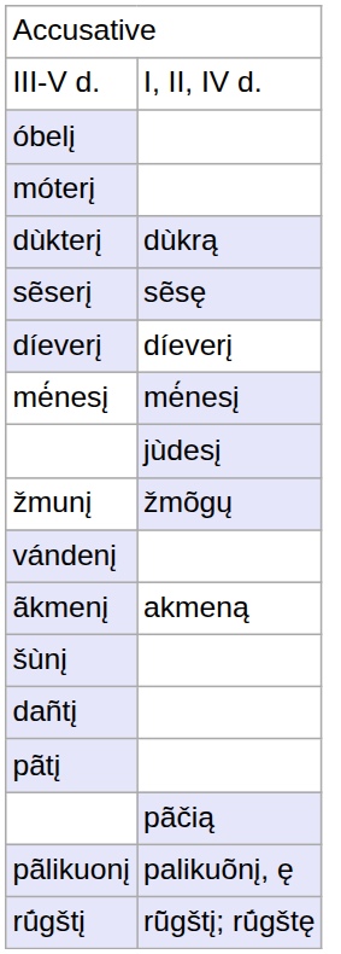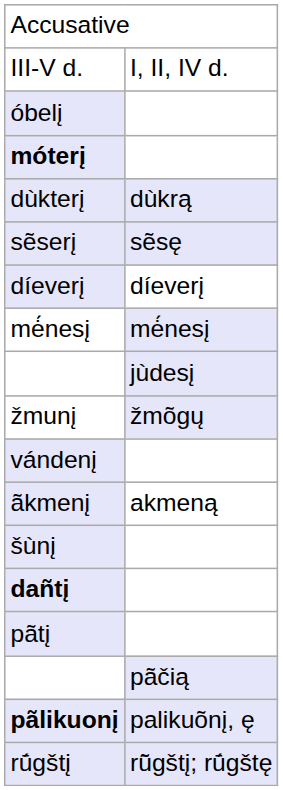 <table class=wikitable style="background: #FFFFFF; line-height: 1.3em;">
 <tr>
 <td colspan=3>Accusative</td>
 </tr>
 <tr>
 <td>III-V d.</td>
 <td>I, II, IV d.</td>
 </tr>
 <tr>
 <td style="background: #E6E6FA">óbelį</td>
 <td></td>
 </tr>
 <tr>
-<td style="background: #E6E6FA">móterį</td>
+<td style="background: #E6E6FA"><strong>móterį</strong></td>
 <td></td>
 </tr>
 <tr>
 <td style="background: #E6E6FA">dùkterį</td>
 <td style="background: #E6E6FA">dùkrą</td>
 </tr>
 <tr>
 <td style="background: #E6E6FA">sẽserį</td>
 <td style="background: #E6E6FA">sẽsę</td>
 </tr>
 <tr>
 <td style="background: #E6E6FA">díeverį</td>
 <td>díeverį</td>
 </tr>
 <tr>
 <td>mė́nesį</td>
 <td style="background: #E6E6FA">mė́nesį</td>
 </tr>
 <tr>
 <td></td>
 <td style="background: #E6E6FA">jùdesį</td>
 </tr>
 <tr>
 <td>žmunį</td>
 <td style="background: #E6E6FA">žmõgų</td>
 </tr>
 <tr>
 <td style="background: #E6E6FA">vándenį</td>
 <td></td>
 </tr>
 <tr>
 <td style="background: #E6E6FA">ãkmenį</td>
 <td>akmeną</td>
 </tr>
 <tr>
 <td style="background: #E6E6FA">šùnį</td>
 <td></td>
 </tr>
 <tr>
-<td style="background: #E6E6FA">dañtį</td>
+<td style="background: #E6E6FA"><strong>dañtį</strong></td>
 <td></td>
 </tr>
 <tr>
 <td style="background: #E6E6FA">pãtį</td>
 <td></td>
 </tr>
 <tr>
 <td></td>
 <td style="background: #E6E6FA">pãčią</td>
 </tr>
 <tr>
-<td style="background: #E6E6FA">pãlikuonį</td>
+<td style="background: #E6E6FA"><strong>pãlikuonį</strong></td>
 <td style="background: #E6E6FA">palikuõnį, ę</td>
 </tr>
 <tr valign=top>
 <td style="background: #E6E6FA">rū́gštį</td>
 <td style="background: #E6E6FA">rū̃gštį; rū́gštę</td>
 </tr>
 </table>
